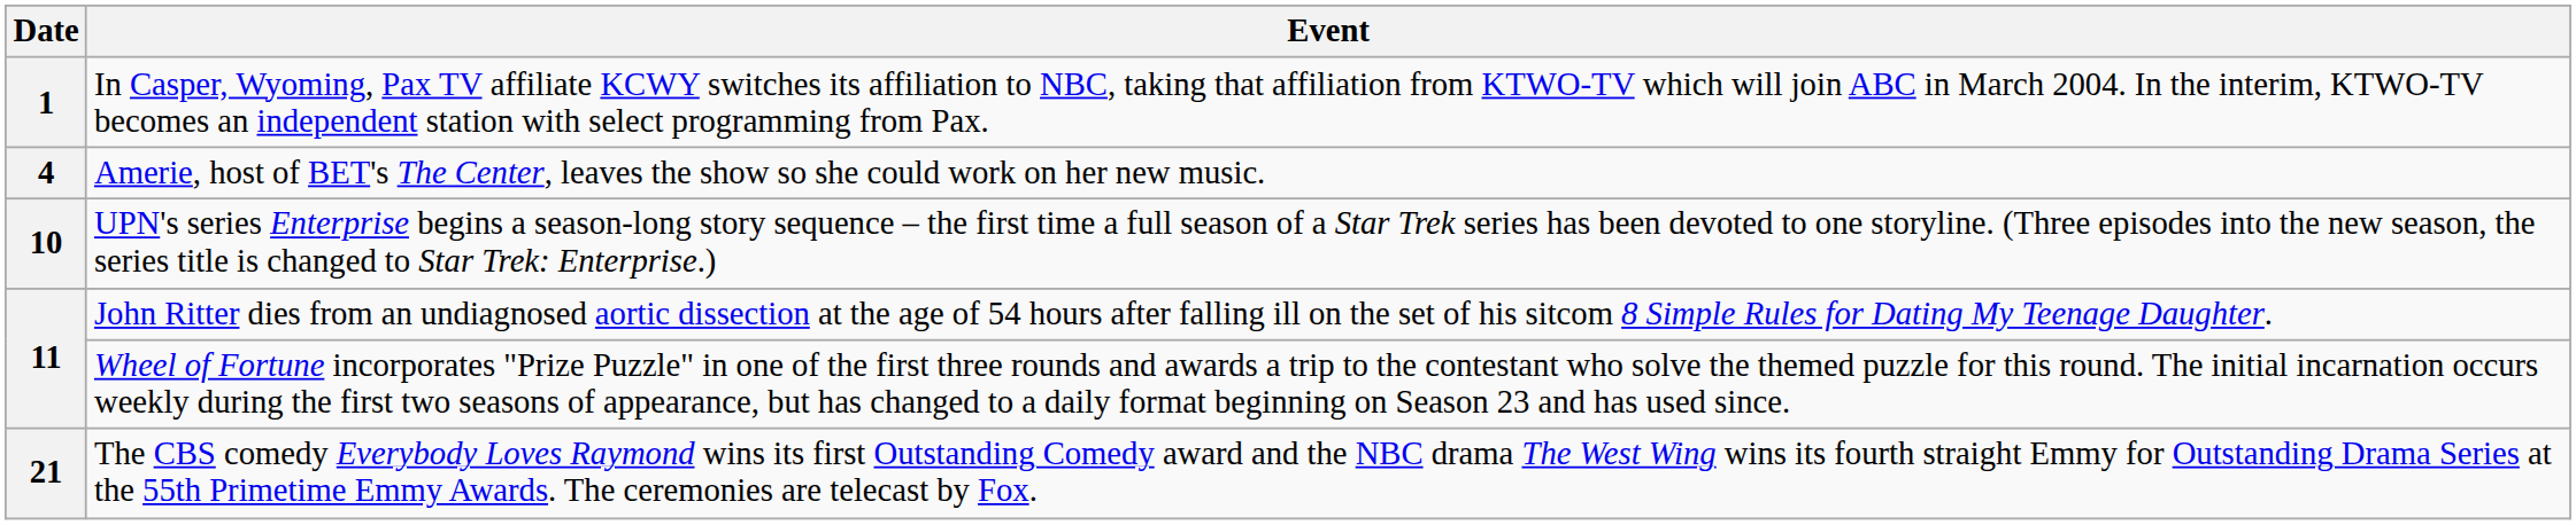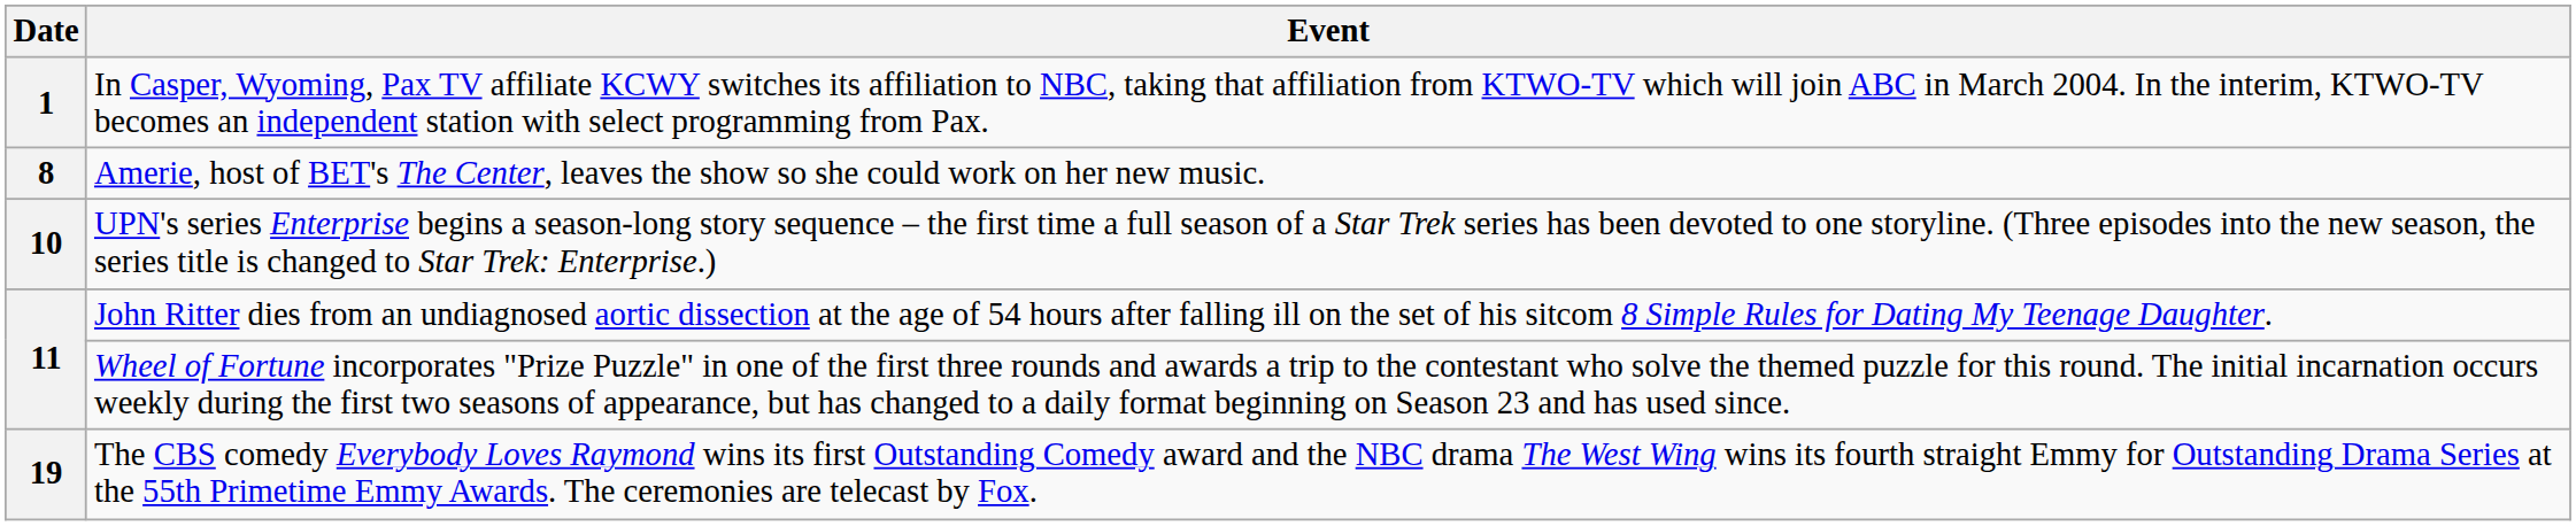 <table class="wikitable">
 <tr>
 <th>Date</th>
 <th>Event</th>
 </tr>
 <tr>
 <th>1</th>
 <td>In <a href='#'>Casper, Wyoming</a>, <a href='#'>Pax TV</a> affiliate <a href='#'>KCWY</a> switches its affiliation to <a href='#'>NBC</a>, taking that affiliation from <a href='#'>KTWO-TV</a> which will join <a href='#'>ABC</a> in March 2004. In the interim, KTWO-TV becomes an <a href='#'>independent</a> station with select programming from Pax.</td>
 </tr>
 <tr>
-<th>4</th>
+<th>8</th>
 <td><a href='#'>Amerie</a>, host of <a href='#'>BET</a>'s <em><a href='#'>The Center</a></em>,  leaves the show so she could work on her new music.</td>
 </tr>
 <tr>
 <th>10</th>
 <td><a href='#'>UPN</a>'s series <em><a href='#'>Enterprise</a></em> begins a season-long story sequence – the first time a full season of a <em>Star Trek</em> series has been devoted to one storyline. (Three episodes into the new season, the series title is changed to <em>Star Trek: Enterprise</em>.)</td>
 </tr>
 <tr>
 <th rowspan=2>11</th>
 <td><a href='#'>John Ritter</a> dies from an undiagnosed <a href='#'>aortic dissection</a> at the age of 54 hours after falling ill on the set of his sitcom <em><a href='#'>8 Simple Rules for Dating My Teenage Daughter</a></em>.</td>
 </tr>
 <tr>
 <td><em><a href='#'>Wheel of Fortune</a></em> incorporates "Prize Puzzle" in one of the first three rounds and awards a trip to the contestant who solve the themed puzzle for this round. The initial incarnation occurs weekly during the first two seasons of appearance, but has changed to a daily format beginning on Season 23 and has used since.</td>
 </tr>
 <tr>
-<th>21</th>
+<th>19</th>
 <td>The <a href='#'>CBS</a> comedy <em><a href='#'>Everybody Loves Raymond</a></em> wins its first <a href='#'>Outstanding Comedy</a> award and the <a href='#'>NBC</a> drama <em><a href='#'>The West Wing</a></em> wins its fourth straight Emmy for <a href='#'>Outstanding Drama Series</a> at the <a href='#'>55th Primetime Emmy Awards</a>. The ceremonies are telecast by <a href='#'>Fox</a>.</td>
 </tr>
 </table>
